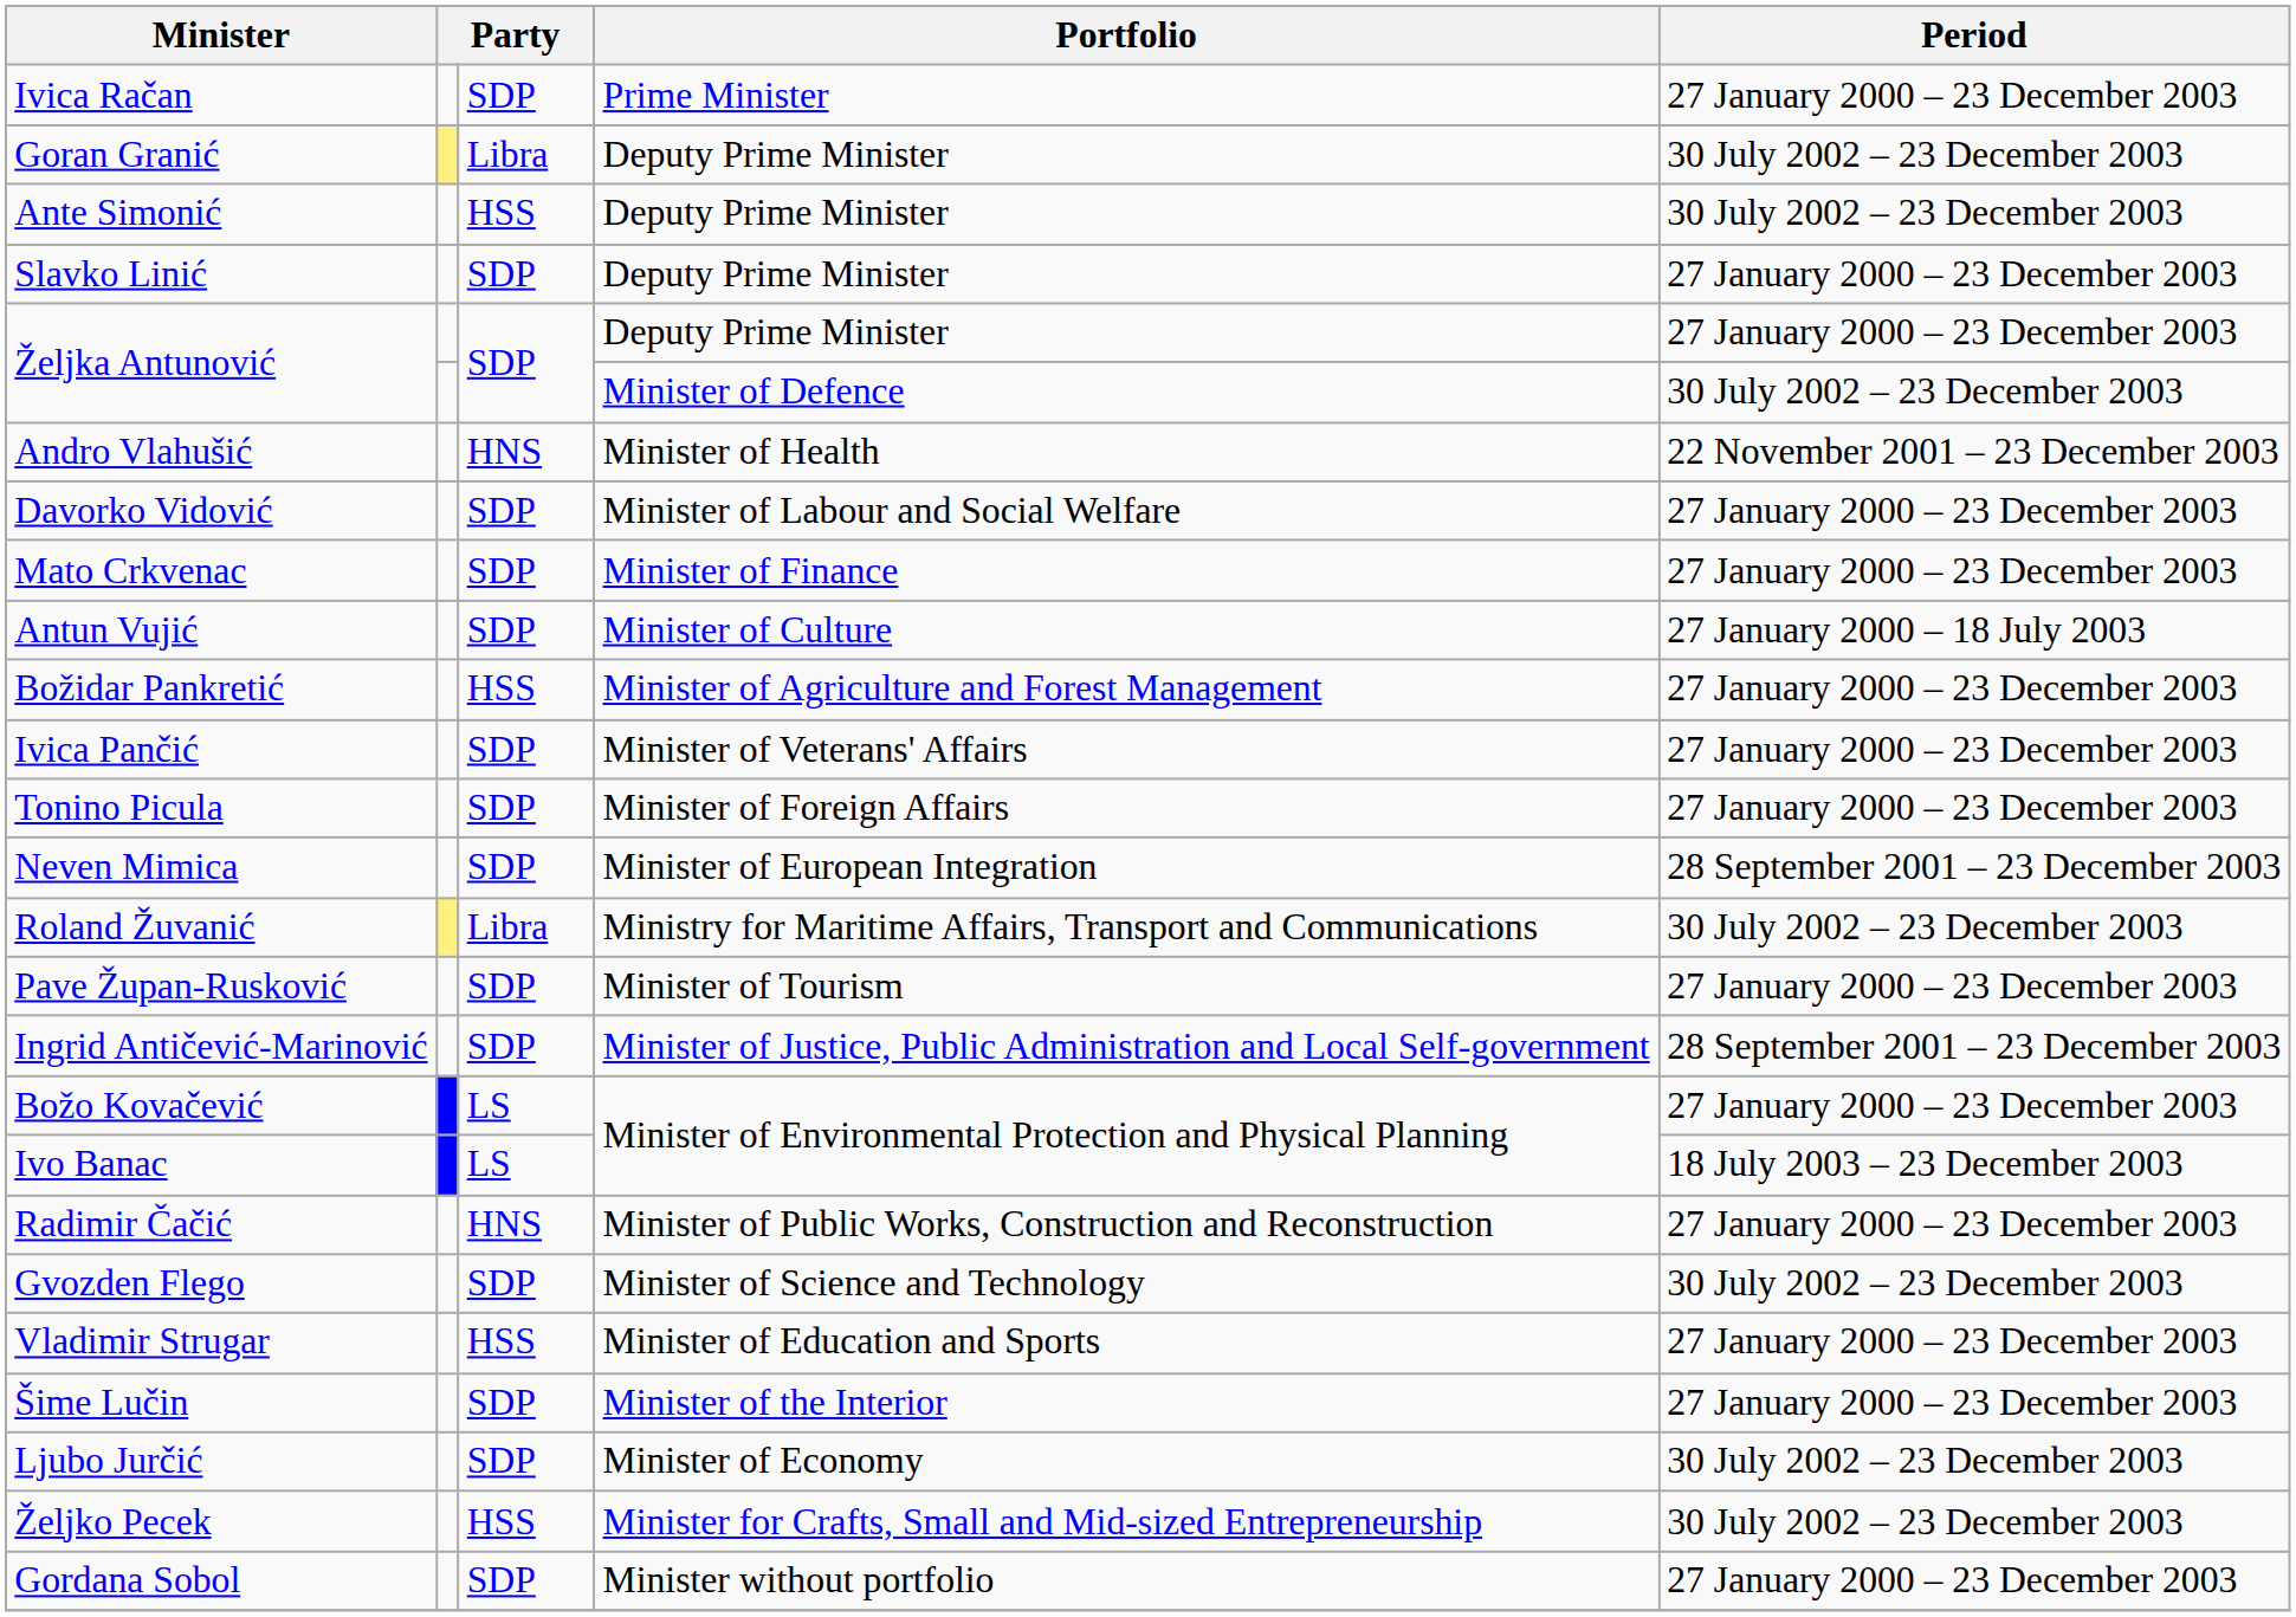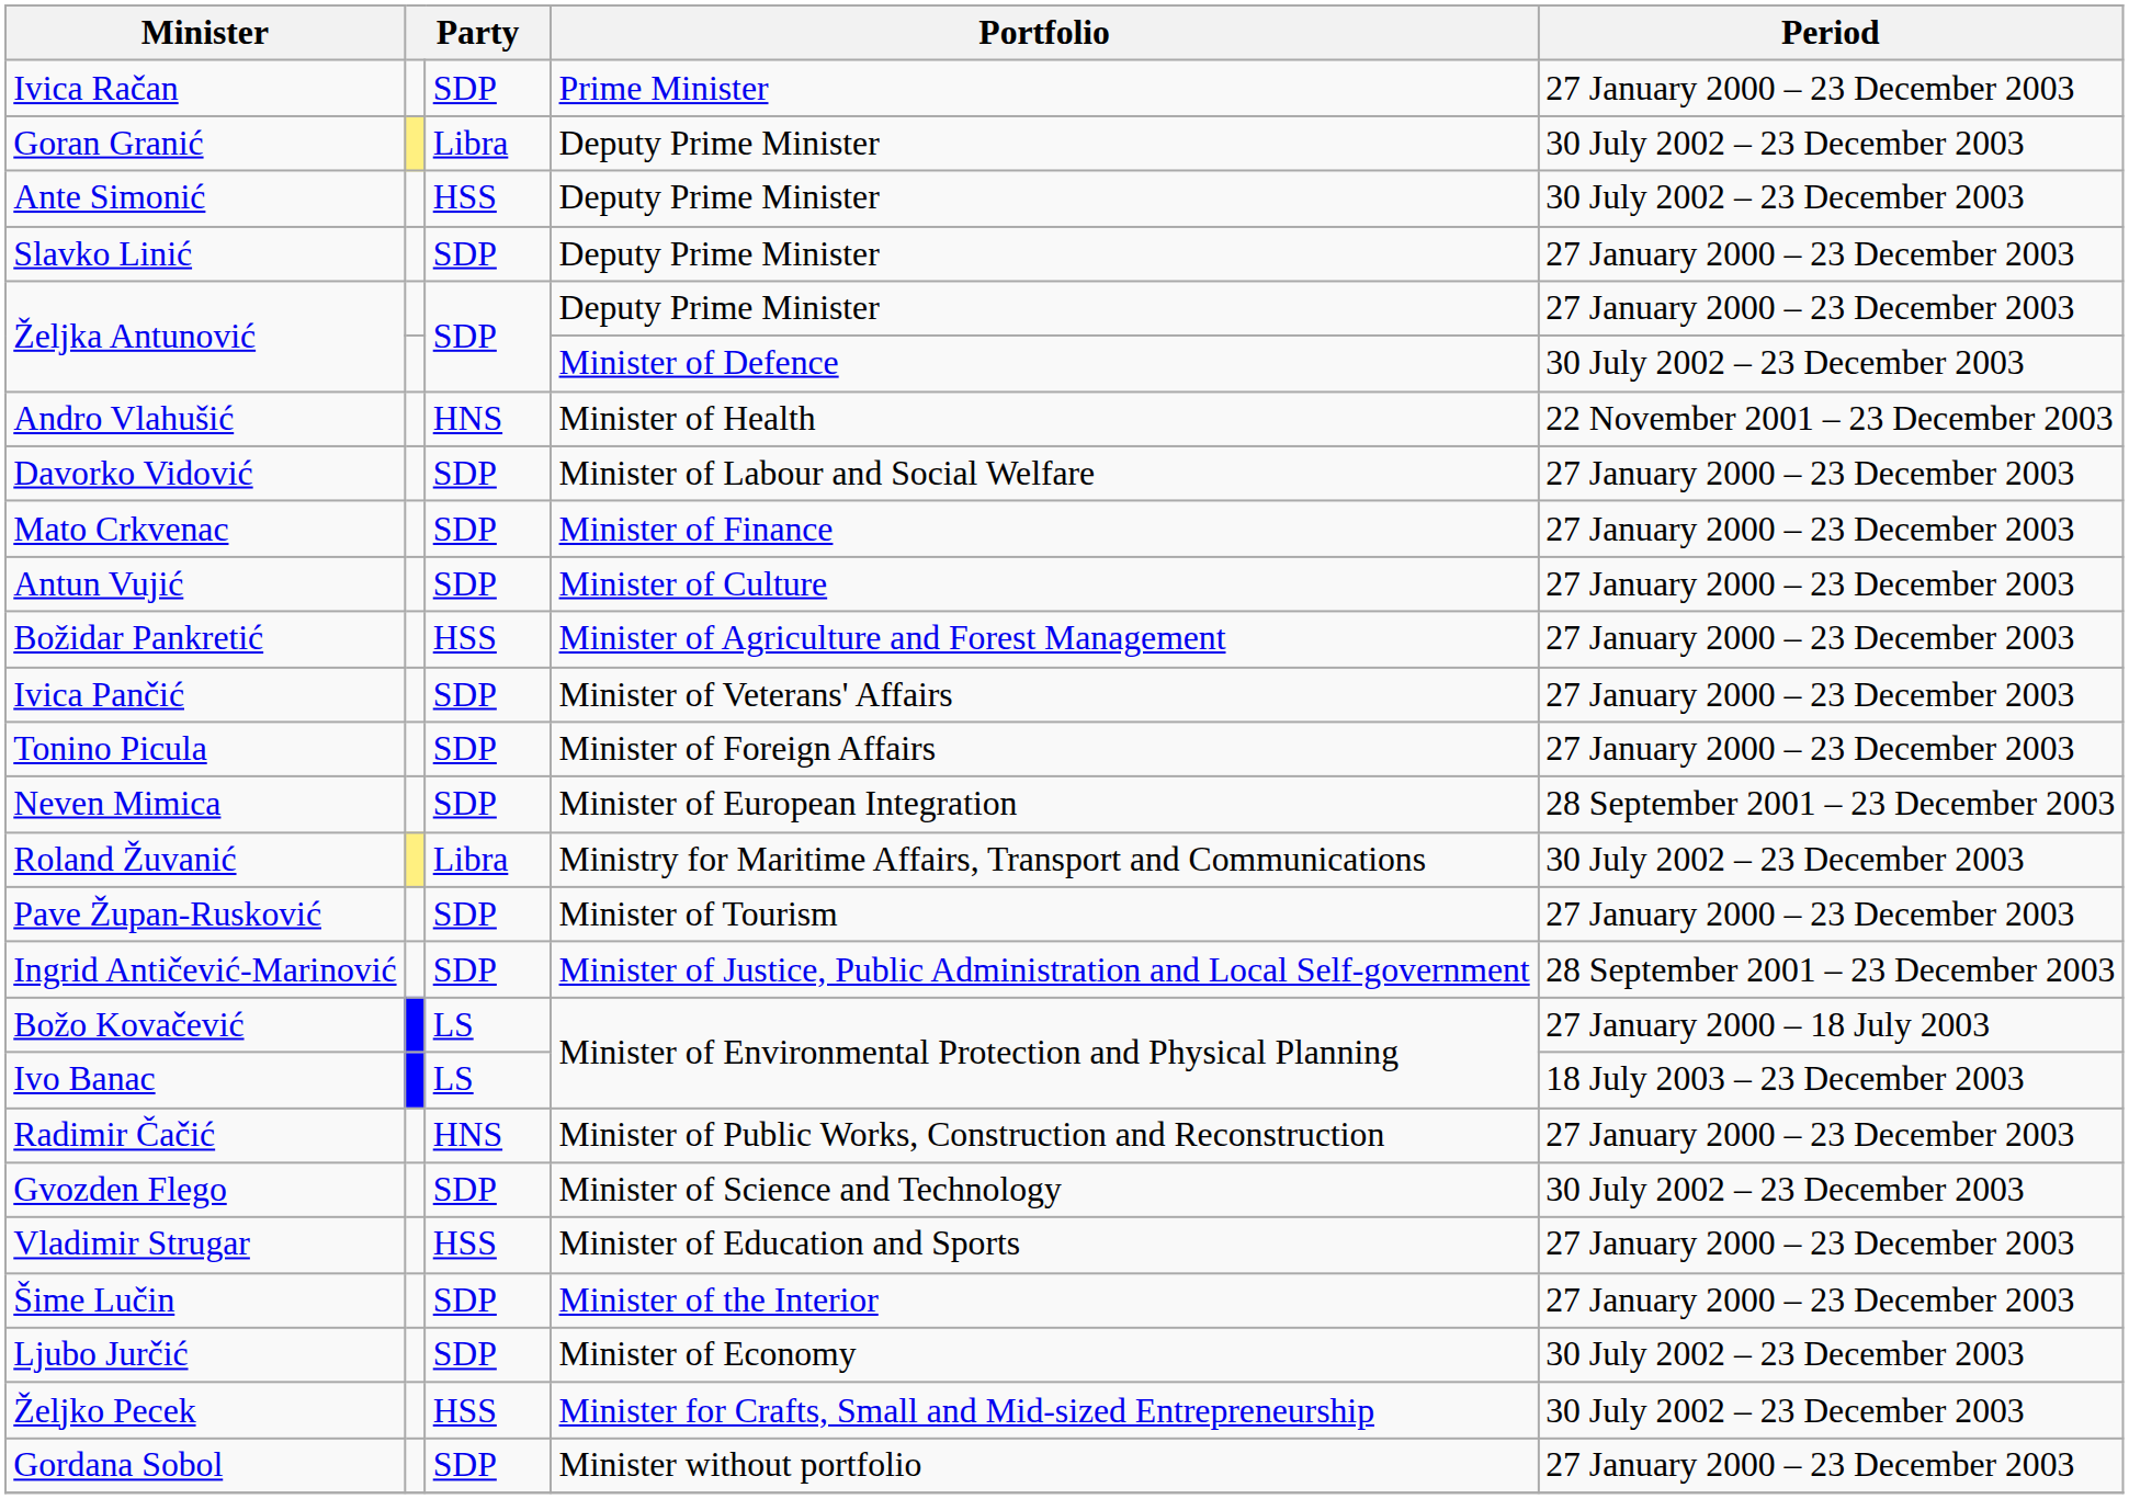 <table class="wikitable">
 <tr>
 <th>Minister</th>
 <th colspan=2 width="60">Party</th>
 <th>Portfolio</th>
 <th>Period</th>
 </tr>
 <tr>
 <td><a href='#'>Ivica Račan</a></td>
 <td style="background-color: "></td>
 <td><a href='#'>SDP</a></td>
 <td><a href='#'>Prime Minister</a></td>
 <td>27 January 2000 – 23 December 2003</td>
 </tr>
 <tr>
 <td><a href='#'>Goran Granić</a></td>
 <td style="background-color:#FFF080" width="2px"></td>
 <td><a href='#'>Libra</a></td>
 <td>Deputy Prime Minister</td>
 <td>30 July 2002 – 23 December 2003</td>
 </tr>
 <tr>
 <td><a href='#'>Ante Simonić</a></td>
 <td style="background-color: "></td>
 <td><a href='#'>HSS</a></td>
 <td>Deputy Prime Minister</td>
 <td>30 July 2002 – 23 December 2003</td>
 </tr>
 <tr>
 <td><a href='#'>Slavko Linić</a></td>
 <td style="background-color: "></td>
 <td><a href='#'>SDP</a></td>
 <td>Deputy Prime Minister</td>
 <td>27 January 2000 – 23 December 2003</td>
 </tr>
 <tr>
 <td rowspan="2"><a href='#'>Željka Antunović</a></td>
 <td style="background-color: "></td>
 <td rowspan="2"><a href='#'>SDP</a></td>
 <td>Deputy Prime Minister</td>
 <td>27 January 2000 – 23 December 2003</td>
 </tr>
 <tr>
 <td style="background-color: "></td>
 <td><a href='#'>Minister of Defence</a></td>
 <td>30 July 2002 – 23 December 2003</td>
 </tr>
 <tr>
 <td><a href='#'>Andro Vlahušić</a></td>
 <td style="background-color: "></td>
 <td><a href='#'>HNS</a></td>
 <td>Minister of Health</td>
 <td>22 November 2001 – 23 December 2003</td>
 </tr>
 <tr>
 <td><a href='#'>Davorko Vidović</a></td>
 <td style="background-color: "></td>
 <td><a href='#'>SDP</a></td>
 <td>Minister of Labour and Social Welfare</td>
 <td>27 January 2000 – 23 December 2003</td>
 </tr>
 <tr>
 <td><a href='#'>Mato Crkvenac</a></td>
 <td style="background-color: "></td>
 <td><a href='#'>SDP</a></td>
 <td><a href='#'>Minister of Finance</a></td>
 <td>27 January 2000 – 23 December 2003</td>
 </tr>
 <tr>
 <td><a href='#'>Antun Vujić</a></td>
 <td style="background-color: "></td>
 <td><a href='#'>SDP</a></td>
 <td><a href='#'>Minister of Culture</a></td>
-<td>27 January 2000 – 18 July 2003</td>
+<td>27 January 2000 – 23 December 2003</td>
 </tr>
 <tr>
 <td><a href='#'>Božidar Pankretić</a></td>
 <td style="background-color: "></td>
 <td><a href='#'>HSS</a></td>
 <td><a href='#'>Minister of Agriculture and Forest Management</a></td>
 <td>27 January 2000 – 23 December 2003</td>
 </tr>
 <tr>
 <td><a href='#'>Ivica Pančić</a></td>
 <td style="background-color: "></td>
 <td><a href='#'>SDP</a></td>
 <td>Minister of Veterans' Affairs</td>
 <td>27 January 2000 – 23 December 2003</td>
 </tr>
 <tr>
 <td><a href='#'>Tonino Picula</a></td>
 <td style="background-color: "></td>
 <td><a href='#'>SDP</a></td>
 <td>Minister of Foreign Affairs</td>
 <td>27 January 2000 – 23 December 2003</td>
 </tr>
 <tr>
 <td><a href='#'>Neven Mimica</a></td>
 <td style="background-color: "></td>
 <td><a href='#'>SDP</a></td>
 <td>Minister of European Integration</td>
 <td>28 September 2001 – 23 December 2003</td>
 </tr>
 <tr>
 <td><a href='#'>Roland Žuvanić</a></td>
 <td style="background-color:#FFF080" width="2px"></td>
 <td><a href='#'>Libra</a></td>
 <td>Ministry for Maritime Affairs, Transport and Communications</td>
 <td>30 July 2002 – 23 December 2003</td>
 </tr>
 <tr>
 <td><a href='#'>Pave Župan-Rusković</a></td>
 <td style="background-color: "></td>
 <td><a href='#'>SDP</a></td>
 <td>Minister of Tourism</td>
 <td>27 January 2000 – 23 December 2003</td>
 </tr>
 <tr>
 <td><a href='#'>Ingrid Antičević-Marinović</a></td>
 <td style="background-color: "></td>
 <td><a href='#'>SDP</a></td>
 <td><a href='#'>Minister of Justice, Public Administration and Local Self-government</a></td>
 <td>28 September 2001 – 23 December 2003</td>
 </tr>
 <tr>
 <td><a href='#'>Božo Kovačević</a></td>
 <td style="background-color: blue" width="2px"></td>
 <td><a href='#'>LS</a></td>
 <td rowspan="2">Minister of Environmental Protection and Physical Planning</td>
-<td>27 January 2000 – 23 December 2003</td>
+<td>27 January 2000 – 18 July 2003</td>
 </tr>
 <tr>
 <td><a href='#'>Ivo Banac</a></td>
 <td style="background-color: blue" width="2px"></td>
 <td><a href='#'>LS</a></td>
 <td>18 July 2003 – 23 December 2003</td>
 </tr>
 <tr>
 <td><a href='#'>Radimir Čačić</a></td>
 <td style="background-color: "></td>
 <td><a href='#'>HNS</a></td>
 <td>Minister of Public Works, Construction and Reconstruction</td>
 <td>27 January 2000 – 23 December 2003</td>
 </tr>
 <tr>
 <td><a href='#'>Gvozden Flego</a></td>
 <td style="background-color: "></td>
 <td><a href='#'>SDP</a></td>
 <td>Minister of Science and Technology</td>
 <td>30 July 2002 – 23 December 2003</td>
 </tr>
 <tr>
 <td><a href='#'>Vladimir Strugar</a></td>
 <td style="background-color: "></td>
 <td><a href='#'>HSS</a></td>
 <td>Minister of Education and Sports</td>
 <td>27 January 2000 – 23 December 2003</td>
 </tr>
 <tr>
 <td><a href='#'>Šime Lučin</a></td>
 <td style="background-color: "></td>
 <td><a href='#'>SDP</a></td>
 <td><a href='#'>Minister of the Interior</a></td>
 <td>27 January 2000 – 23 December 2003</td>
 </tr>
 <tr>
 <td><a href='#'>Ljubo Jurčić</a></td>
 <td style="background-color: "></td>
 <td><a href='#'>SDP</a></td>
 <td>Minister of Economy</td>
 <td>30 July 2002 – 23 December 2003</td>
 </tr>
 <tr>
 <td><a href='#'>Željko Pecek</a></td>
 <td style="background-color: "></td>
 <td><a href='#'>HSS</a></td>
 <td><a href='#'>Minister for Crafts, Small and Mid-sized Entrepreneurship</a></td>
 <td>30 July 2002 – 23 December 2003</td>
 </tr>
 <tr>
 <td><a href='#'>Gordana Sobol</a></td>
 <td style="background-color: "></td>
 <td><a href='#'>SDP</a></td>
 <td>Minister without portfolio</td>
 <td>27 January 2000 – 23 December 2003</td>
 </tr>
 <tr>
 </tr>
 </table>
